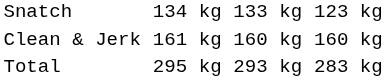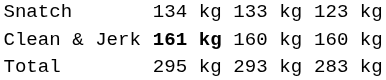 <table>
 <tr>
 <td>Snatch</td>
 <td></td>
 <td>134 kg</td>
 <td></td>
 <td>133 kg</td>
 <td></td>
 <td>123 kg</td>
 </tr>
 <tr>
 <td>Clean & Jerk</td>
 <td></td>
-<td>161 kg</td>
+<td><strong>161 kg</strong></td>
 <td></td>
 <td>160 kg</td>
 <td></td>
 <td>160 kg</td>
 </tr>
 <tr>
 <td>Total</td>
 <td></td>
 <td>295 kg</td>
 <td></td>
 <td>293 kg</td>
 <td></td>
 <td>283 kg</td>
 </tr>
 </table>
